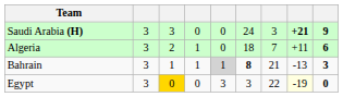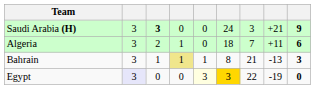 <table class="wikitable" style="text-align:center;">
 <tr>
 <th width=180>Team</th>
 <th width=30 abbr="Played"></th>
 <th width=30 abbr="Won"></th>
 <th width=30 abbr="Drawn"></th>
 <th width=30 abbr="Lost"></th>
 <th width=30 abbr="Goals for"></th>
 <th width=30 abbr="Goals against"></th>
 <th width=30 abbr="Goal difference"></th>
 <th width=30 abbr="Points"></th>
 </tr>
 <tr bgcolor=ccffcc>
 <td align="left"> Saudi Arabia <strong>(H)</strong></td>
 <td>3</td>
-<td>3</td>
+<td><strong>3</strong></td>
 <td>0</td>
 <td>0</td>
 <td>24</td>
 <td>3</td>
-<td><strong>+21</strong></td>
+<td>+21</td>
 <td><strong>9</strong></td>
 </tr>
 <tr bgcolor=ccffcc>
 <td align="left"> Algeria</td>
 <td>3</td>
 <td>2</td>
 <td>1</td>
 <td>0</td>
 <td>18</td>
 <td>7</td>
 <td>+11</td>
 <td><strong>6</strong></td>
 </tr>
 <tr>
 <td align="left"> Bahrain</td>
 <td>3</td>
 <td>1</td>
+<td style="background: khaki;">1</td>
 <td>1</td>
-<td style="background: lightgrey;">1</td>
-<td><strong>8</strong></td>
+<td>8</td>
 <td>21</td>
 <td>-13</td>
 <td><strong>3</strong></td>
 </tr>
 <tr>
 <td align="left"> Egypt</td>
-<td>3</td>
-<td style="background: gold;">0</td>
+<td style="background: lavender;">3</td>
 <td>0</td>
-<td>3</td>
-<td>3</td>
+<td>0</td>
+<td style="background: lightyellow;">3</td>
+<td style="background: gold;">3</td>
 <td>22</td>
-<td style="background: lightyellow;">-19</td>
+<td>-19</td>
 <td><strong>0</strong></td>
 </tr>
 </table>
